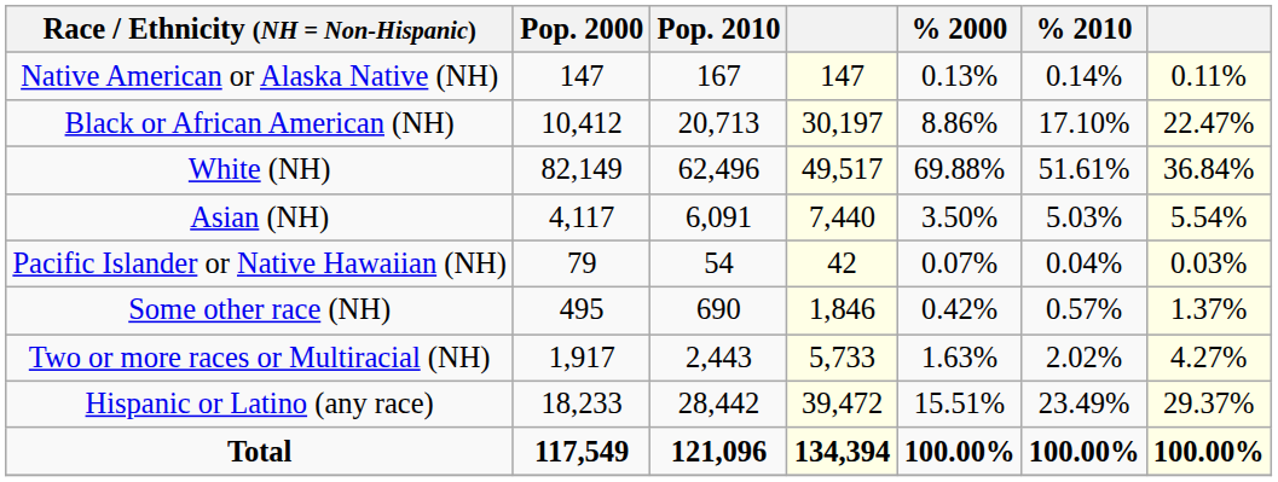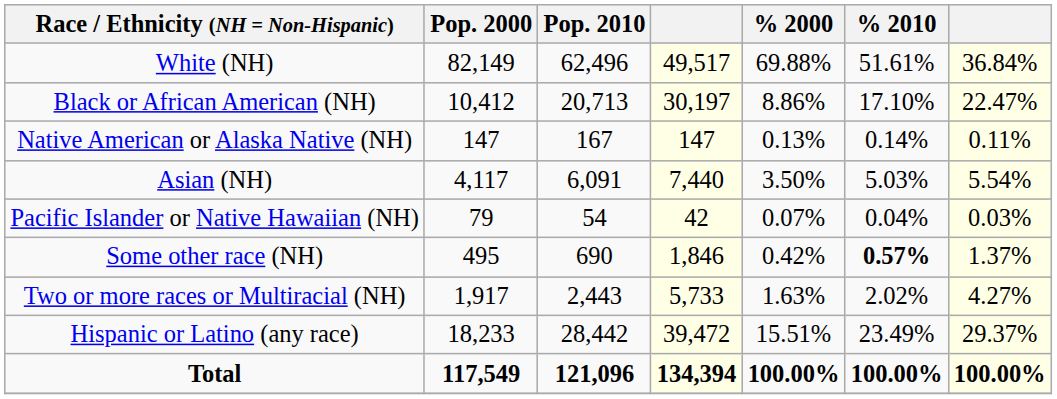 <table class="wikitable" style="text-align:center;">
 <tr>
 <th>Race / Ethnicity <small>(<em>NH = Non-Hispanic</em>)</small></th>
 <th>Pop. 2000</th>
 <th>Pop. 2010</th>
 <th></th>
 <th>% 2000</th>
 <th>% 2010</th>
 <th></th>
 </tr>
 <tr>
-<td><a href='#'>Native American</a> or <a href='#'>Alaska Native</a> (NH)</td>
-<td>147</td>
-<td>167</td>
-<td style='background: #ffffe6;'>147</td>
-<td>0.13%</td>
-<td>0.14%</td>
-<td style='background: #ffffe6;'>0.11%</td>
+<td><a href='#'>White</a> (NH)</td>
+<td>82,149</td>
+<td>62,496</td>
+<td style='background: #ffffe6;'>49,517</td>
+<td>69.88%</td>
+<td>51.61%</td>
+<td style='background: #ffffe6;'>36.84%</td>
 </tr>
 <tr>
 <td><a href='#'>Black or African American</a> (NH)</td>
 <td>10,412</td>
 <td>20,713</td>
 <td style='background: #ffffe6;'>30,197</td>
 <td>8.86%</td>
 <td>17.10%</td>
 <td style='background: #ffffe6;'>22.47%</td>
 </tr>
 <tr>
-<td><a href='#'>White</a> (NH)</td>
-<td>82,149</td>
-<td>62,496</td>
-<td style='background: #ffffe6;'>49,517</td>
-<td>69.88%</td>
-<td>51.61%</td>
-<td style='background: #ffffe6;'>36.84%</td>
+<td><a href='#'>Native American</a> or <a href='#'>Alaska Native</a> (NH)</td>
+<td>147</td>
+<td>167</td>
+<td style='background: #ffffe6;'>147</td>
+<td>0.13%</td>
+<td>0.14%</td>
+<td style='background: #ffffe6;'>0.11%</td>
 </tr>
 <tr>
 <td><a href='#'>Asian</a> (NH)</td>
 <td>4,117</td>
 <td>6,091</td>
 <td style='background: #ffffe6;'>7,440</td>
 <td>3.50%</td>
 <td>5.03%</td>
 <td style='background: #ffffe6;'>5.54%</td>
 </tr>
 <tr>
 <td><a href='#'>Pacific Islander</a> or <a href='#'>Native Hawaiian</a> (NH)</td>
 <td>79</td>
 <td>54</td>
 <td style='background: #ffffe6;'>42</td>
 <td>0.07%</td>
 <td>0.04%</td>
 <td style='background: #ffffe6;'>0.03%</td>
 </tr>
 <tr>
 <td><a href='#'>Some other race</a> (NH)</td>
 <td>495</td>
 <td>690</td>
 <td style='background: #ffffe6;'>1,846</td>
 <td>0.42%</td>
-<td>0.57%</td>
+<td><strong>0.57%</strong></td>
 <td style='background: #ffffe6;'>1.37%</td>
 </tr>
 <tr>
 <td><a href='#'>Two or more races or Multiracial</a> (NH)</td>
 <td>1,917</td>
 <td>2,443</td>
 <td style='background: #ffffe6;'>5,733</td>
 <td>1.63%</td>
 <td>2.02%</td>
 <td style='background: #ffffe6;'>4.27%</td>
 </tr>
 <tr>
 <td><a href='#'>Hispanic or Latino</a> (any race)</td>
 <td>18,233</td>
 <td>28,442</td>
 <td style='background: #ffffe6;'>39,472</td>
 <td>15.51%</td>
 <td>23.49%</td>
 <td style='background: #ffffe6;'>29.37%</td>
 </tr>
 <tr>
 <td><strong>Total</strong></td>
 <td><strong>117,549</strong></td>
 <td><strong>121,096</strong></td>
 <td style='background: #ffffe6;'><strong>134,394</strong></td>
 <td><strong>100.00%</strong></td>
 <td><strong>100.00%</strong></td>
 <td style='background: #ffffe6;'><strong>100.00%</strong></td>
 </tr>
 <tr>
 </tr>
 </table>
